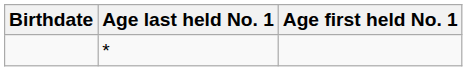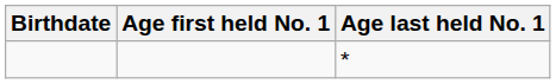 <table class="wikitable sortable plainrowheaders">
 <tr>
 <th scope="col">Birthdate</th>
+<th scope="col">Age first held No. 1</th>
 <th scope="col">Age last held No. 1</th>
-<th scope="col">Age first held No. 1</th>
 </tr>
 <tr>
 <td></td>
+<td></td>
 <td>*</td>
-<td></td>
 </tr>
 </table>
